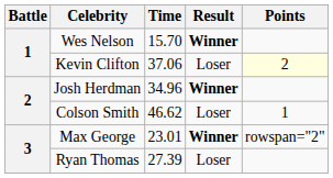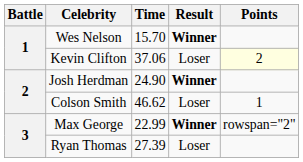 <table class="wikitable plainrowheaders" style="text-align:center;">
 <tr>
 <th>Battle</th>
 <th>Celebrity</th>
 <th>Time</th>
 <th>Result</th>
 <th>Points</th>
 </tr>
 <tr>
 <th rowspan=2>1</th>
 <td>Wes Nelson</td>
 <td>15.70</td>
 <td><strong>Winner</strong></td>
 <td></td>
 </tr>
 <tr>
 <td>Kevin Clifton</td>
 <td>37.06</td>
 <td>Loser</td>
 <td style="background: lightyellow;">2</td>
 </tr>
 <tr>
 <th rowspan=2>2</th>
 <td>Josh Herdman</td>
-<td>34.96</td>
+<td>24.90</td>
 <td><strong>Winner</strong></td>
 <td></td>
 </tr>
 <tr>
 <td>Colson Smith</td>
 <td>46.62</td>
 <td>Loser</td>
 <td>1</td>
 </tr>
 <tr>
 <th rowspan=2>3</th>
 <td>Max George</td>
-<td>23.01</td>
+<td>22.99</td>
 <td><strong>Winner</strong></td>
 <td>rowspan="2" </td>
 </tr>
 <tr>
 <td>Ryan Thomas</td>
 <td>27.39</td>
 <td>Loser</td>
 </tr>
 </table>
